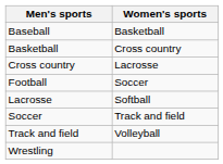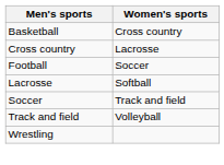 <table class="wikitable"; style="float:right; clear:right; margin-left:15px">
 <tr>
 <th width=150px>Men's sports</th>
 <th width=150px>Women's sports</th>
-</tr>
-<tr>
-<td>Baseball</td>
-<td>Basketball</td>
 </tr>
 <tr>
 <td>Basketball</td>
 <td>Cross country</td>
 </tr>
 <tr>
 <td>Cross country</td>
 <td>Lacrosse</td>
 </tr>
 <tr>
 <td>Football</td>
 <td>Soccer</td>
 </tr>
 <tr>
 <td>Lacrosse</td>
 <td>Softball</td>
 </tr>
 <tr>
 <td>Soccer</td>
 <td>Track and field</td>
 </tr>
 <tr>
 <td>Track and field</td>
 <td>Volleyball</td>
 </tr>
 <tr>
 <td>Wrestling</td>
 <td></td>
 </tr>
 </table>
